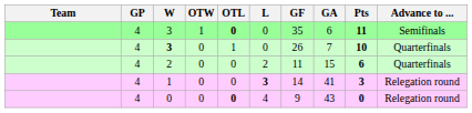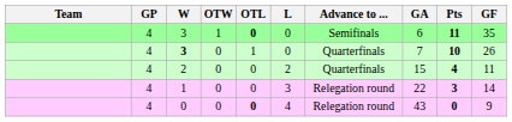 <table class="wikitable" style="text-align:center;">
 <tr>
 <th width=165>Team</th>
 <th width=40>GP</th>
 <th width=40>W</th>
 <th width=40>OTW</th>
 <th width=40>OTL</th>
 <th width=40>L</th>
-<th width=40>GF</th>
+<th width=125>Advance to ...</th>
 <th width=40>GA</th>
 <th width=40>Pts</th>
-<th width=125>Advance to ...</th>
+<th width=40>GF</th>
 </tr>
 <tr style="background:#99ff99;">
 <td style="text-align:left;"></td>
 <td>4</td>
 <td>3</td>
 <td>1</td>
 <td><strong>0</strong></td>
 <td>0</td>
-<td>35</td>
+<td>Semifinals</td>
 <td>6</td>
 <td><strong>11</strong></td>
-<td>Semifinals</td>
+<td>35</td>
 </tr>
 <tr style="background:#ccffcc;">
 <td style="text-align:left;"></td>
 <td>4</td>
 <td><strong>3</strong></td>
 <td>0</td>
 <td>1</td>
 <td>0</td>
-<td>26</td>
+<td>Quarterfinals</td>
 <td>7</td>
 <td><strong>10</strong></td>
-<td>Quarterfinals</td>
+<td>26</td>
 </tr>
 <tr style="background:#ccffcc;">
 <td style="text-align:left;"></td>
 <td>4</td>
 <td>2</td>
 <td>0</td>
 <td>0</td>
 <td>2</td>
+<td>Quarterfinals</td>
+<td>15</td>
+<td><strong>4</strong></td>
 <td>11</td>
-<td>15</td>
-<td><strong>6</strong></td>
-<td>Quarterfinals</td>
 </tr>
 <tr style="background:#ffccff;">
 <td style="text-align:left;"></td>
 <td>4</td>
 <td>1</td>
 <td>0</td>
 <td>0</td>
+<td>3</td>
+<td>Relegation round</td>
+<td>22</td>
 <td><strong>3</strong></td>
 <td>14</td>
-<td>41</td>
-<td><strong>3</strong></td>
-<td>Relegation round</td>
 </tr>
 <tr style="background:#ffccff;">
 <td style="text-align:left;"></td>
 <td>4</td>
 <td>0</td>
 <td>0</td>
 <td><strong>0</strong></td>
 <td>4</td>
-<td>9</td>
+<td>Relegation round</td>
 <td>43</td>
 <td><strong>0</strong></td>
-<td>Relegation round</td>
+<td>9</td>
 </tr>
 </table>
